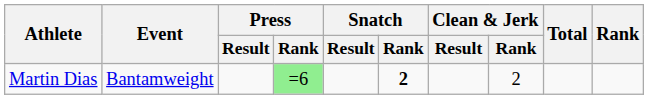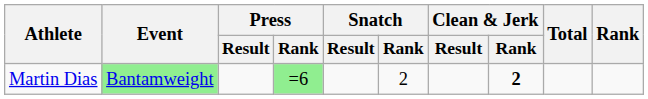 <table class="wikitable" style="font-size:90%">
 <tr>
 <th rowspan="2">Athlete</th>
 <th rowspan="2">Event</th>
 <th colspan="2">Press</th>
 <th colspan="2">Snatch</th>
 <th colspan="2">Clean & Jerk</th>
 <th rowspan="2">Total</th>
 <th rowspan="2">Rank</th>
 </tr>
 <tr style="font-size:95%">
 <th>Result</th>
 <th>Rank</th>
 <th>Result</th>
 <th>Rank</th>
 <th>Result</th>
 <th>Rank</th>
 </tr>
 <tr align=center>
 <td align=left><a href='#'>Martin Dias</a></td>
-<td align=left><a href='#'>Bantamweight</a></td>
+<td align=left style="background: lightgreen;"><a href='#'>Bantamweight</a></td>
 <td></td>
 <td style="background: lightgreen;">=6</td>
 <td></td>
+<td>2</td>
+<td></td>
 <td><strong>2</strong></td>
-<td></td>
-<td>2</td>
 <td></td>
 <td></td>
 </tr>
 </table>
